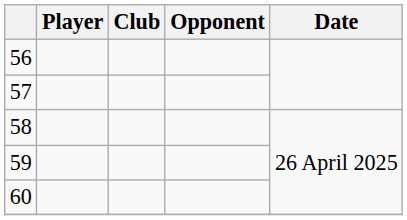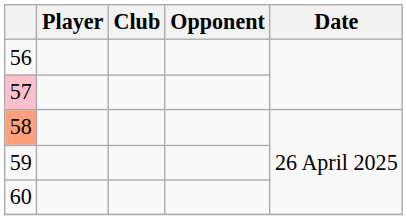 <table class="wikitable" style="text-align:center">
 <tr>
 <th></th>
 <th>Player</th>
 <th>Club</th>
 <th>Opponent</th>
 <th>Date</th>
 </tr>
 <tr>
 <td>56</td>
 <td align="left"></td>
 <td></td>
 <td></td>
 <td rowspan="2"></td>
 </tr>
 <tr>
-<td>57</td>
+<td style="background: pink;">57</td>
 <td align="left"></td>
 <td></td>
 <td></td>
 </tr>
 <tr>
-<td>58</td>
+<td style="background: lightsalmon;">58</td>
 <td align="left"></td>
 <td></td>
 <td></td>
 <td rowspan="3">26 April 2025</td>
 </tr>
 <tr>
 <td>59</td>
 <td align="left"></td>
 <td></td>
 <td></td>
 </tr>
 <tr>
 <td>60</td>
 <td align="left"></td>
 <td></td>
 <td></td>
 </tr>
 <tr>
 </tr>
 </table>
